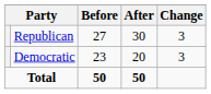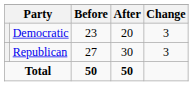 <table class="wikitable" style="text-align:center;">
 <tr>
 </tr>
 <tr>
 <th colspan=2>Party</th>
 <th>Before</th>
 <th>After</th>
 <th>Change</th>
 </tr>
 <tr>
 <th style="background-color:"></th>
-<td style="text-align:left;"><a href='#'>Republican</a></td>
-<td>27</td>
-<td>30</td>
+<td style="text-align:left;"><a href='#'>Democratic</a></td>
+<td>23</td>
+<td>20</td>
 <td> 3</td>
 </tr>
 <tr>
 <th style="background-color:"></th>
-<td style="text-align:left;"><a href='#'>Democratic</a></td>
-<td>23</td>
-<td>20</td>
+<td style="text-align:left;"><a href='#'>Republican</a></td>
+<td>27</td>
+<td>30</td>
 <td> 3</td>
 </tr>
 <tr>
 <td colspan=2><strong>Total</strong></td>
 <td><strong>50</strong></td>
 <td><strong>50</strong></td>
 <td></td>
 </tr>
 </table>
